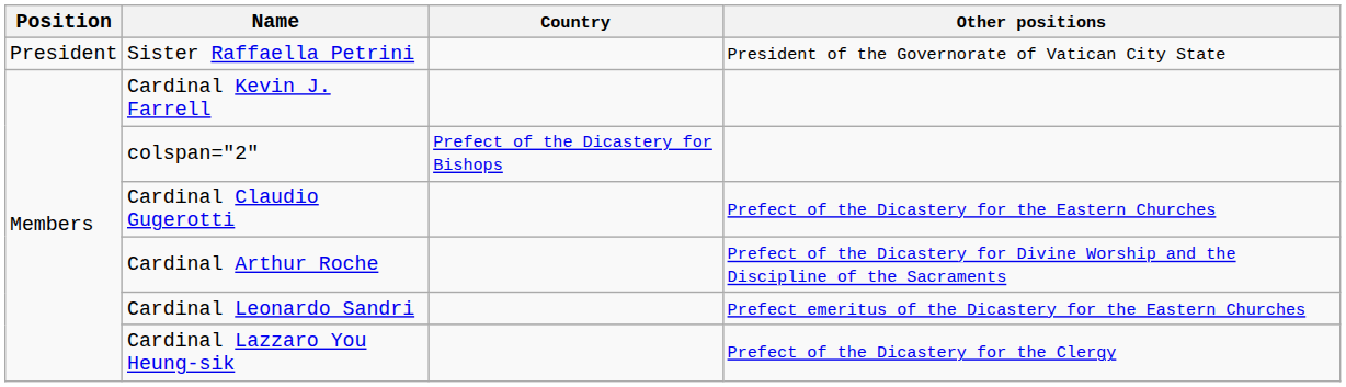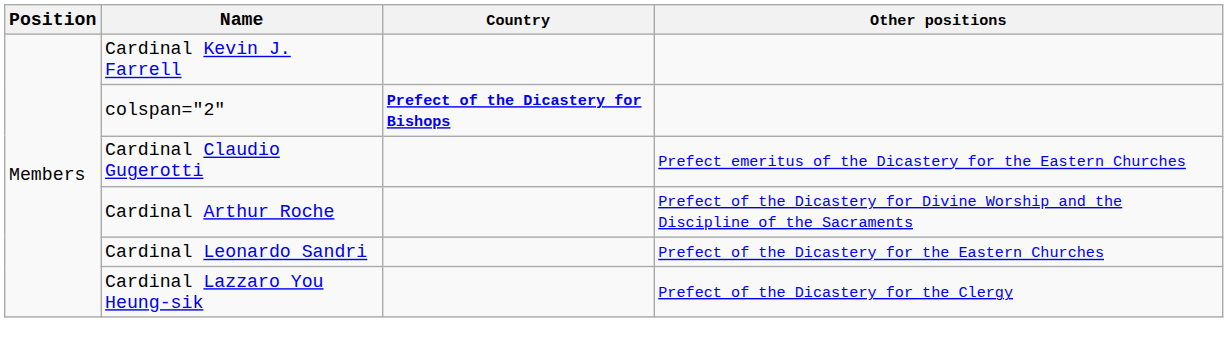 <table class="wikitable">
 <tr>
 <th>Position</th>
 <th>Name</th>
 <th><small>Country</small></th>
 <th><small>Other positions</small></th>
-</tr>
-<tr>
-<td>President</td>
-<td>Sister <a href='#'>Raffaella Petrini</a></td>
-<td><small></small></td>
-<td><small>President of the Governorate of Vatican City State</small></td>
 </tr>
 <tr>
 <td rowspan="6">Members</td>
 <td>Cardinal <a href='#'>Kevin J. Farrell</a></td>
 <td><small></small></td>
 <td><small></small></td>
 </tr>
 <tr>
 <td>colspan="2" </td>
-<td><small><a href='#'>Prefect of the Dicastery for Bishops</a></small></td>
+<td><strong><small><a href='#'>Prefect of the Dicastery for Bishops</a></small></strong></td>
 </tr>
 <tr>
 <td>Cardinal <a href='#'>Claudio Gugerotti</a></td>
 <td><small></small></td>
-<td><small><a href='#'>Prefect of the Dicastery for the Eastern Churches</a></small></td>
+<td><small><a href='#'>Prefect emeritus of the Dicastery for the Eastern Churches</a></small></td>
 </tr>
 <tr>
 <td>Cardinal <a href='#'>Arthur Roche</a></td>
 <td><small></small></td>
 <td><small><a href='#'>Prefect of the Dicastery for Divine Worship and the Discipline of the Sacraments</a></small></td>
 </tr>
 <tr>
 <td>Cardinal <a href='#'>Leonardo Sandri</a></td>
 <td><small></small></td>
-<td><small><a href='#'>Prefect emeritus of the Dicastery for the Eastern Churches</a></small></td>
+<td><small><a href='#'>Prefect of the Dicastery for the Eastern Churches</a></small></td>
 </tr>
 <tr>
 <td>Cardinal <a href='#'>Lazzaro You Heung-sik</a></td>
 <td><small></small></td>
 <td><small><a href='#'>Prefect of the Dicastery for the Clergy</a></small></td>
 </tr>
 </table>
